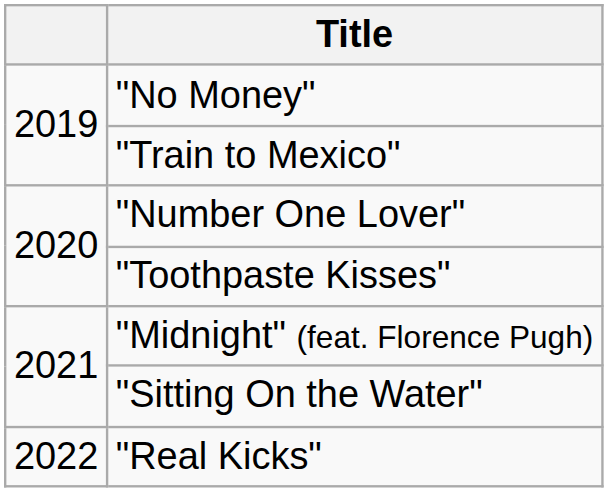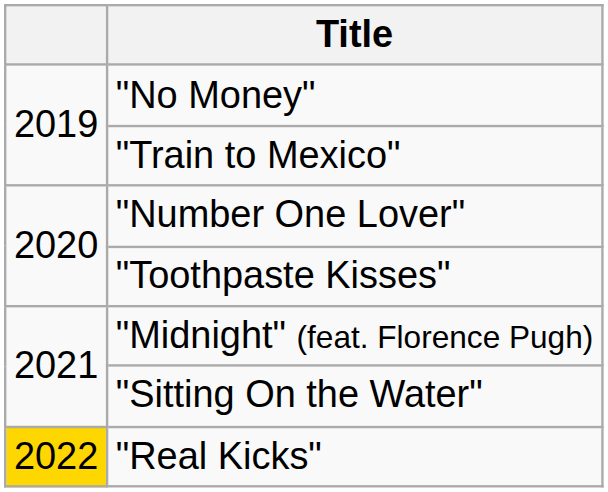 <table class="wikitable sortable">
 <tr>
 <th></th>
 <th>Title</th>
 </tr>
 <tr>
 <td rowspan="2">2019</td>
 <td>"No Money"</td>
 </tr>
 <tr>
 <td>"Train to Mexico"</td>
 </tr>
 <tr>
 <td rowspan="2">2020</td>
 <td>"Number One Lover"</td>
 </tr>
 <tr>
 <td>"Toothpaste Kisses"</td>
 </tr>
 <tr>
 <td rowspan="2">2021</td>
 <td>"Midnight" <small>(feat. Florence Pugh)</small></td>
 </tr>
 <tr>
 <td>"Sitting On the Water"</td>
 </tr>
 <tr>
-<td>2022</td>
+<td style="background: gold;">2022</td>
 <td>"Real Kicks"</td>
 </tr>
 </table>
